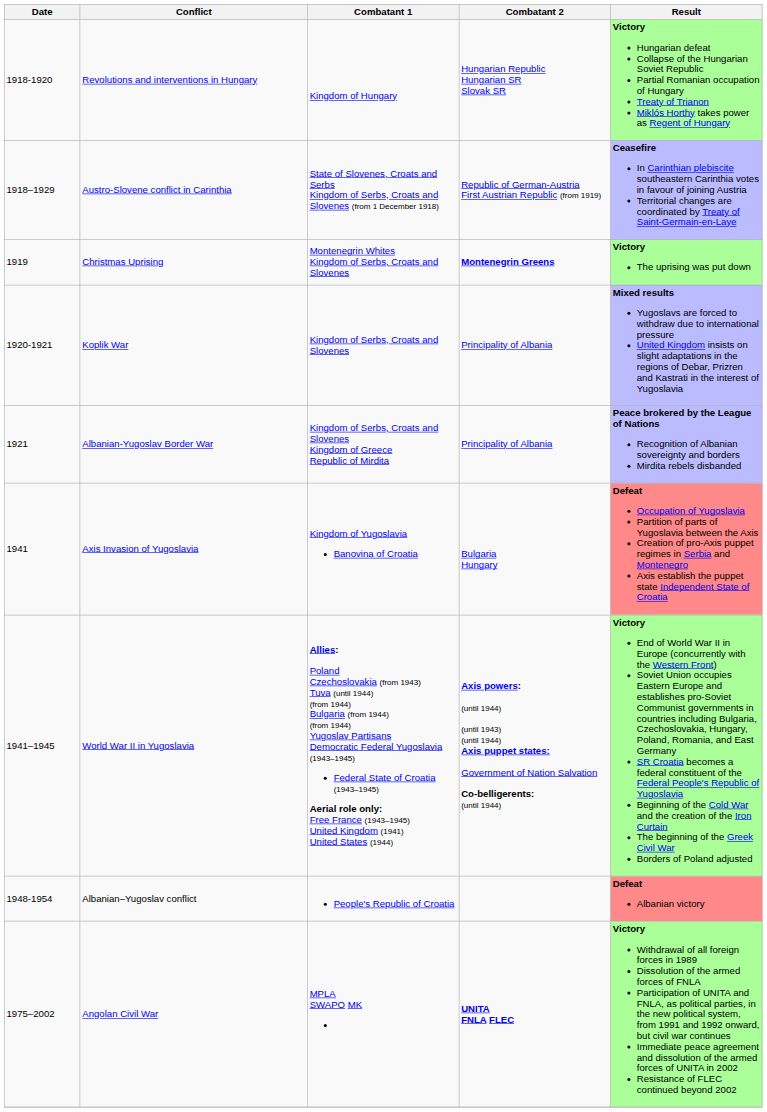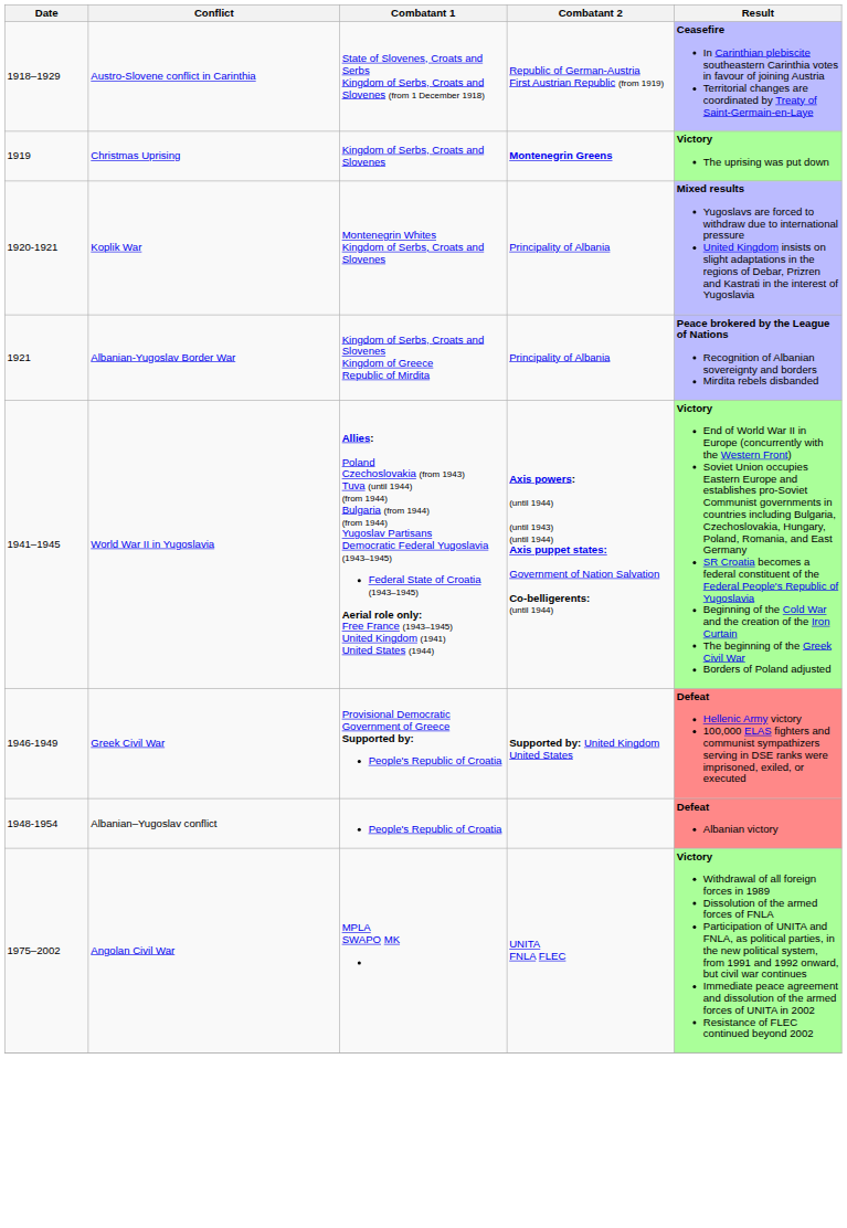 <table class="wikitable" width="100%">
 <tr>
 <th width="10%">Date</th>
 <th width="30%">Conflict</th>
 <th width="20%">Combatant 1</th>
 <th width="20%">Combatant 2</th>
 <th width="20%">Result</th>
-</tr>
-<tr>
-<td>1918-1920</td>
-<td><a href='#'>Revolutions and interventions in Hungary</a></td>
-<td><br><br><br> <a href='#'>Kingdom of Hungary</a></td>
-<td> <a href='#'>Hungarian Republic</a><br> <a href='#'>Hungarian SR</a><br> <a href='#'>Slovak SR</a></td>
-<td style="background:#AF9"><strong>Victory</strong><br><ul><li>Hungarian defeat</li><li>Collapse of the Hungarian Soviet Republic</li><li>Partial Romanian occupation of Hungary</li><li><a href='#'>Treaty of Trianon</a></li><li><a href='#'>Miklós Horthy</a> takes power as <a href='#'>Regent of Hungary</a></li></ul></td>
 </tr>
 <tr>
 <td>1918–1929</td>
 <td><a href='#'>Austro-Slovene conflict in Carinthia</a></td>
 <td> <a href='#'>State of Slovenes, Croats and Serbs</a><br> <a href='#'>Kingdom of Serbs, Croats and Slovenes</a> <small>(from 1 December 1918)</small></td>
 <td> <a href='#'>Republic of German-Austria</a><br> <a href='#'>First Austrian Republic</a> <small>(from 1919)</small></td>
 <td style="background:#BBF"><strong>Ceasefire</strong><br><ul><li>In <a href='#'>Carinthian plebiscite</a> southeastern Carinthia votes in favour of joining Austria</li><li>Territorial changes are coordinated by <a href='#'>Treaty of Saint-Germain-en-Laye</a></li></ul></td>
 </tr>
 <tr>
 <td>1919</td>
 <td><a href='#'>Christmas Uprising</a></td>
-<td> <a href='#'>Montenegrin Whites</a> <br> <a href='#'>Kingdom of Serbs, Croats and Slovenes</a></td>
+<td> <a href='#'>Kingdom of Serbs, Croats and Slovenes</a></td>
 <td><strong> <a href='#'>Montenegrin Greens</a><br></strong></td>
 <td style="background:#AF9"><strong>Victory</strong><br><ul><li>The uprising was put down</li></ul></td>
 </tr>
 <tr>
 <td>1920-1921</td>
 <td><a href='#'>Koplik War</a></td>
-<td> <a href='#'>Kingdom of Serbs, Croats and Slovenes</a></td>
+<td> <a href='#'>Montenegrin Whites</a> <br> <a href='#'>Kingdom of Serbs, Croats and Slovenes</a></td>
 <td> <a href='#'>Principality of Albania</a></td>
 <td style="background:#BBF"><strong>Mixed results</strong><br><ul><li>Yugoslavs are forced to withdraw due to international pressure</li><li><a href='#'>United Kingdom</a> insists on slight adaptations in the regions of Debar, Prizren and Kastrati in the interest of Yugoslavia</li></ul></td>
 </tr>
 <tr>
 <td>1921</td>
 <td><a href='#'>Albanian-Yugoslav Border War</a></td>
 <td> <a href='#'>Kingdom of Serbs, Croats and Slovenes</a><br> <a href='#'>Kingdom of Greece</a><br> <a href='#'>Republic of Mirdita</a></td>
 <td> <a href='#'>Principality of Albania</a></td>
 <td style="background:#BBF"><strong>Peace brokered by the League of Nations</strong><br><ul><li>Recognition of Albanian sovereignty and borders</li><li>Mirdita rebels disbanded</li></ul></td>
 </tr>
 <tr>
-<td>1941</td>
-<td><a href='#'>Axis Invasion of Yugoslavia</a></td>
-<td> <a href='#'>Kingdom of Yugoslavia</a><br><ul><li> <a href='#'>Banovina of Croatia</a></li></ul></td>
-<td><br><br> <a href='#'>Bulgaria</a><br> <a href='#'>Hungary</a></td>
-<td style="background:#F88"><strong>Defeat</strong><br><ul><li><a href='#'>Occupation of Yugoslavia</a></li><li>Partition of parts of Yugoslavia between the Axis</li><li>Creation of pro-Axis puppet regimes in <a href='#'>Serbia</a> and <a href='#'>Montenegro</a></li><li>Axis establish the puppet state <a href='#'>Independent State of Croatia</a></li></ul></td>
-</tr>
-<tr>
 <td>1941–1945</td>
 <td><a href='#'>World War II in Yugoslavia</a></td>
 <td><strong><a href='#'>Allies</a>:</strong><br><br> <a href='#'>Poland</a><br> <a href='#'>Czechoslovakia</a> <small>(from 1943)</small><br> <a href='#'>Tuva</a> <small>(until 1944)</small><br> <small>(from 1944)</small><br> <a href='#'>Bulgaria</a> <small>(from 1944)</small><br> <small>(from 1944)</small><br> <a href='#'>Yugoslav Partisans</a><br> <a href='#'>Democratic Federal Yugoslavia</a> <small>(1943–1945)</small><ul><li> <a href='#'>Federal State of Croatia</a> <small>(1943–1945)</small></li></ul><strong>Aerial role only:</strong><br> <a href='#'>Free France</a> <small>(1943–1945)</small><br> <a href='#'>United Kingdom</a> <small>(1941)</small><br> <a href='#'>United States</a> <small>(1944)</small></td>
 <td><strong><a href='#'>Axis powers</a>:</strong><br><br> <small>(until 1944)</small><br><br> <small>(until 1943)</small><br> <small>(until 1944)</small><br><strong><a href='#'>Axis puppet states:</a></strong><br><br> <a href='#'>Government of Nation Salvation</a><br><br><strong>Co-belligerents:</strong><br> <small>(until 1944)</small></td>
 <td style="background:#AF9"><strong>Victory</strong><br><ul><li>End of World War II in Europe (concurrently with the <a href='#'>Western Front</a>)</li><li>Soviet Union occupies Eastern Europe and establishes pro-Soviet Communist governments in countries including Bulgaria, Czechoslovakia, Hungary, Poland, Romania, and East Germany</li><li><a href='#'>SR Croatia</a> becomes a federal constituent of the <a href='#'>Federal People's Republic of Yugoslavia</a></li><li>Beginning of the <a href='#'>Cold War</a> and the creation of the <a href='#'>Iron Curtain</a></li><li>The beginning of the <a href='#'>Greek Civil War</a></li><li>Borders of Poland adjusted</li></ul></td>
+</tr>
+<tr>
+<td>1946-1949</td>
+<td><a href='#'>Greek Civil War</a></td>
+<td> <a href='#'>Provisional Democratic Government of Greece</a><br><strong>Supported by:</strong>   <ul><li> <a href='#'>People's Republic of Croatia</a></li></ul></td>
+<td><br><strong>Supported by:</strong>  <a href='#'>United Kingdom</a><br> <a href='#'>United States</a></td>
+<td style="background:#F88"><strong>Defeat</strong><br><ul><li><a href='#'>Hellenic Army</a> victory</li><li>100,000 <a href='#'>ELAS</a> fighters and communist sympathizers serving in DSE ranks were imprisoned, exiled, or executed</li></ul></td>
 </tr>
 <tr>
 <td>1948-1954</td>
 <td>Albanian–Yugoslav conflict</td>
 <td><br><ul><li> <a href='#'>People's Republic of Croatia</a></li></ul></td>
 <td></td>
 <td style="background:#F88"><strong>Defeat</strong><br><ul><li>Albanian victory</li></ul></td>
 </tr>
 <tr>
 <td>1975–2002</td>
 <td><a href='#'>Angolan Civil War</a></td>
 <td> <a href='#'>MPLA</a><br> <a href='#'>SWAPO</a>  <a href='#'>MK</a>    <ul><li></li></ul></td>
-<td><strong> <a href='#'>UNITA</a><br> <a href='#'>FNLA</a>  <a href='#'>FLEC</a>  </strong></td>
+<td> <a href='#'>UNITA</a><br> <a href='#'>FNLA</a>  <a href='#'>FLEC</a>  </td>
 <td style="background:#AF9"><strong>Victory</strong><br><ul><li>Withdrawal of all foreign forces in 1989</li><li>Dissolution of the armed forces of FNLA</li><li>Participation of UNITA and FNLA, as political parties, in the new political system, from 1991 and 1992 onward, but civil war continues</li><li>Immediate peace agreement and dissolution of the armed forces of UNITA in 2002</li><li>Resistance of FLEC continued beyond 2002</li></ul></td>
 </tr>
 <tr>
 </tr>
 </table>
